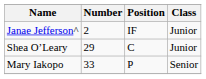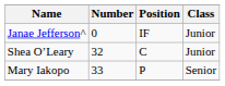 <table class="wikitable non-sortable collapsible">
 <tr>
 </tr>
 <tr>
 <th style="text-align:center; ">Name</th>
 <th style="text-align:center; ">Number</th>
 <th style="text-align:center; ">Position</th>
 <th style="text-align:center; ">Class</th>
 </tr>
 <tr>
 <td><a href='#'>Janae Jefferson</a>^</td>
-<td>2</td>
+<td>0</td>
 <td>IF</td>
 <td>Junior</td>
 </tr>
 <tr>
 <td>Shea O’Leary</td>
-<td>29</td>
+<td>32</td>
 <td>C</td>
 <td>Junior</td>
 </tr>
 <tr>
 <td>Mary Iakopo</td>
 <td>33</td>
 <td>P</td>
 <td>Senior</td>
 </tr>
 <tr>
 </tr>
 </table>
